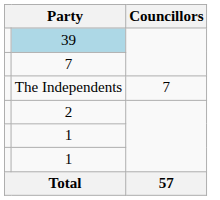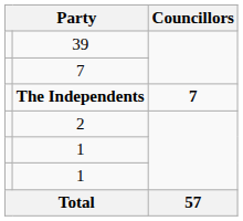 <table class="wikitable">
 <tr>
 <th colspan=2>Party</th>
 <th>Councillors</th>
 </tr>
 <tr>
 <td></td>
-<td align=center style="background: lightblue;">39</td>
+<td align=center>39</td>
 </tr>
 <tr>
 <td></td>
 <td align=center>7</td>
 </tr>
 <tr>
 <td style="background-color: "></td>
-<td>The Independents</td>
-<td align=center>7</td>
+<td><strong>The Independents</strong></td>
+<td align=center><strong>7</strong></td>
 </tr>
 <tr>
 <td></td>
 <td align=center>2</td>
 </tr>
 <tr>
 <td></td>
 <td align=center>1</td>
 </tr>
 <tr>
 <td></td>
 <td align=center>1</td>
 </tr>
 <tr>
 <th colspan=2>Total</th>
 <th align=center>57</th>
 </tr>
 </table>
